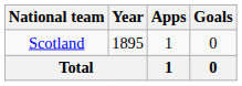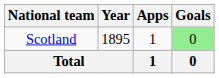 <table class=wikitable style="text-align: center">
 <tr>
 <th>National team</th>
 <th>Year</th>
 <th>Apps</th>
 <th>Goals</th>
 </tr>
 <tr>
 <td><a href='#'>Scotland</a></td>
 <td>1895</td>
 <td>1</td>
-<td>0</td>
+<td style="background: lightgreen;">0</td>
 </tr>
 <tr>
 <th colspan=2>Total</th>
 <th>1</th>
 <th>0</th>
 </tr>
 </table>
